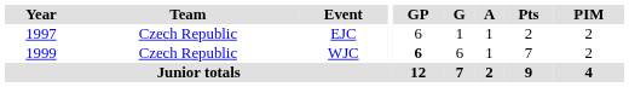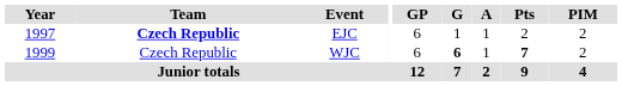 <table border="0" cellpadding="1" cellspacing="0" ID="Table3" style="text-align:center; width:40em">
 <tr bgcolor="#e0e0e0">
 <th>Year</th>
 <th>Team</th>
 <th>Event</th>
 <th rowspan="102" bgcolor="#ffffff"></th>
 <th>GP</th>
 <th>G</th>
 <th>A</th>
 <th>Pts</th>
 <th>PIM</th>
 </tr>
 <tr>
 <td><a href='#'>1997</a></td>
-<td><a href='#'>Czech Republic</a></td>
+<td><strong><a href='#'>Czech Republic</a></strong></td>
 <td><a href='#'>EJC</a></td>
 <td>6</td>
 <td>1</td>
 <td>1</td>
 <td>2</td>
 <td>2</td>
 </tr>
 <tr>
 <td><a href='#'>1999</a></td>
 <td><a href='#'>Czech Republic</a></td>
 <td><a href='#'>WJC</a></td>
+<td>6</td>
 <td><strong>6</strong></td>
-<td>6</td>
 <td>1</td>
-<td>7</td>
+<td><strong>7</strong></td>
 <td>2</td>
 </tr>
 <tr bgcolor="#e0e0e0">
 <th colspan="4">Junior totals</th>
 <th>12</th>
 <th>7</th>
 <th>2</th>
 <th>9</th>
 <th>4</th>
 </tr>
 </table>
